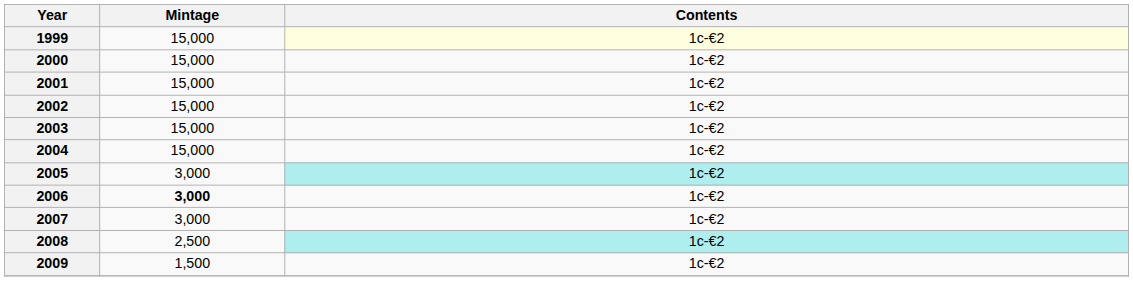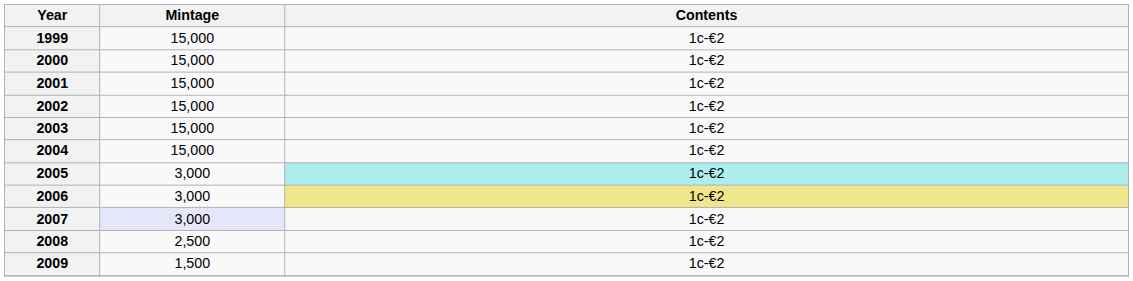 <table class="wikitable" style="width:100%;text-align:center">
 <tr>
 <th width=100px>Year</th>
 <th width=200px>Mintage</th>
 <th>Contents</th>
 </tr>
 <tr>
 <th>1999</th>
 <td>15,000</td>
-<td style="background: lightyellow;">1c-€2</td>
+<td>1c-€2</td>
 </tr>
 <tr>
 <th>2000</th>
 <td>15,000</td>
 <td>1c-€2</td>
 </tr>
 <tr>
 <th>2001</th>
 <td>15,000</td>
 <td>1c-€2</td>
 </tr>
 <tr>
 <th>2002</th>
 <td>15,000</td>
 <td>1c-€2</td>
 </tr>
 <tr>
 <th>2003</th>
 <td>15,000</td>
 <td>1c-€2</td>
 </tr>
 <tr>
 <th>2004</th>
 <td>15,000</td>
 <td>1c-€2</td>
 </tr>
 <tr>
 <th>2005</th>
 <td>3,000</td>
 <td style="background: paleturquoise;">1c-€2</td>
 </tr>
 <tr>
 <th>2006</th>
-<td><strong>3,000</strong></td>
-<td>1c-€2</td>
+<td>3,000</td>
+<td style="background: khaki;">1c-€2</td>
 </tr>
 <tr>
 <th>2007</th>
-<td>3,000</td>
+<td style="background: lavender;">3,000</td>
 <td>1c-€2</td>
 </tr>
 <tr>
 <th>2008</th>
 <td>2,500</td>
-<td style="background: paleturquoise;">1c-€2</td>
+<td>1c-€2</td>
 </tr>
 <tr>
 <th>2009</th>
 <td>1,500</td>
 <td>1c-€2</td>
 </tr>
 <tr>
 </tr>
 </table>
